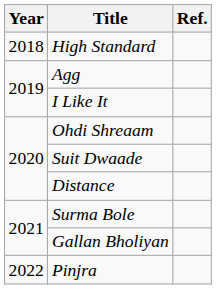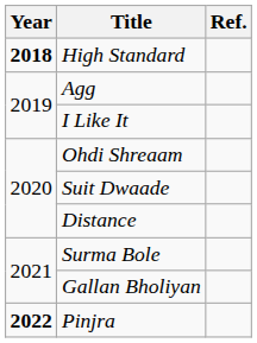 <table class="wikitable">
 <tr>
 <th>Year</th>
 <th>Title</th>
 <th>Ref.</th>
 </tr>
 <tr>
-<td>2018</td>
+<td><strong>2018</strong></td>
 <td><em>High Standard</em></td>
 <td></td>
 </tr>
 <tr>
 <td rowspan="2">2019</td>
 <td><em>Agg</em></td>
 <td></td>
 </tr>
 <tr>
 <td><em>I Like It</em></td>
 <td></td>
 </tr>
 <tr>
 <td rowspan="3">2020</td>
 <td><em>Ohdi Shreaam</em></td>
 <td></td>
 </tr>
 <tr>
 <td><em>Suit Dwaade</em></td>
 <td></td>
 </tr>
 <tr>
 <td><em>Distance</em></td>
 <td></td>
 </tr>
 <tr>
 <td rowspan="2">2021</td>
 <td><em>Surma Bole</em></td>
 <td></td>
 </tr>
 <tr>
 <td><em>Gallan Bholiyan</em></td>
 <td></td>
 </tr>
 <tr>
-<td>2022</td>
+<td><strong>2022</strong></td>
 <td><em>Pinjra</em></td>
 <td></td>
 </tr>
 </table>
